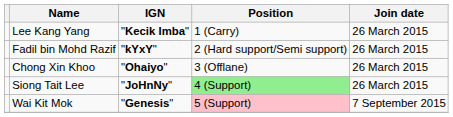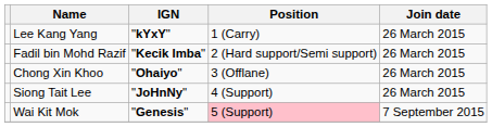 <table class="wikitable">
 <tr>
 <th></th>
 <th>Name</th>
 <th>IGN</th>
 <th>Position</th>
 <th>Join date</th>
 </tr>
 <tr>
 <td></td>
 <td>Lee Kang Yang</td>
-<td>"<strong>Kecik Imba</strong>"</td>
+<td>"<strong>kYxY</strong>"</td>
 <td>1 (Carry)</td>
 <td>26 March 2015</td>
 </tr>
 <tr>
 <td></td>
 <td>Fadil bin Mohd Razif</td>
-<td>"<strong>kYxY</strong>"</td>
+<td>"<strong>Kecik Imba</strong>"</td>
 <td>2 (Hard support/Semi support)</td>
 <td>26 March 2015</td>
 </tr>
 <tr>
 <td></td>
 <td>Chong Xin Khoo</td>
 <td>"<strong>Ohaiyo</strong>"</td>
 <td>3 (Offlane)</td>
 <td>26 March 2015</td>
 </tr>
 <tr>
 <td></td>
 <td>Siong Tait Lee</td>
 <td>"<strong>JoHnNy</strong>"</td>
-<td style="background: lightgreen;">4 (Support)</td>
+<td>4 (Support)</td>
 <td>26 March 2015</td>
 </tr>
 <tr>
 <td></td>
 <td>Wai Kit Mok</td>
 <td>"<strong>Genesis</strong>"</td>
 <td style="background: pink;">5 (Support)</td>
 <td>7 September 2015</td>
 </tr>
 <tr>
 </tr>
 </table>
